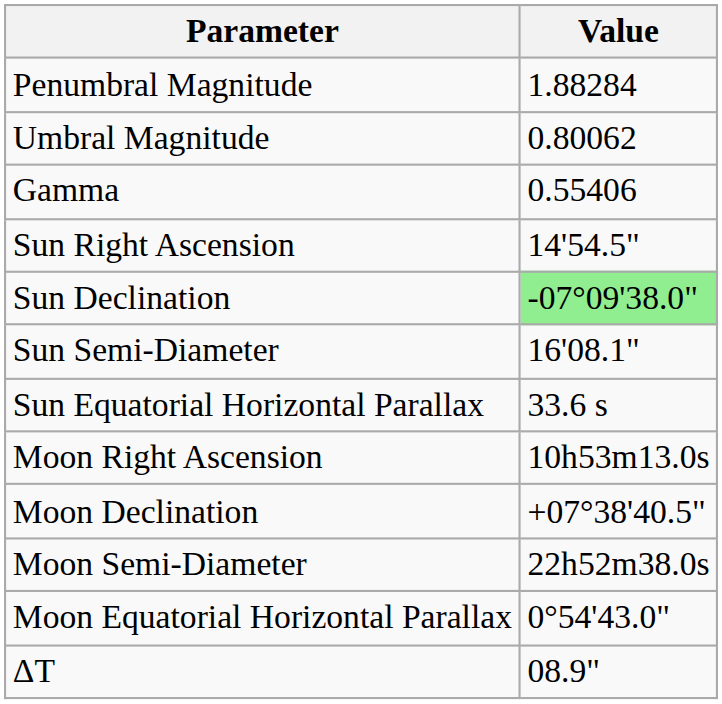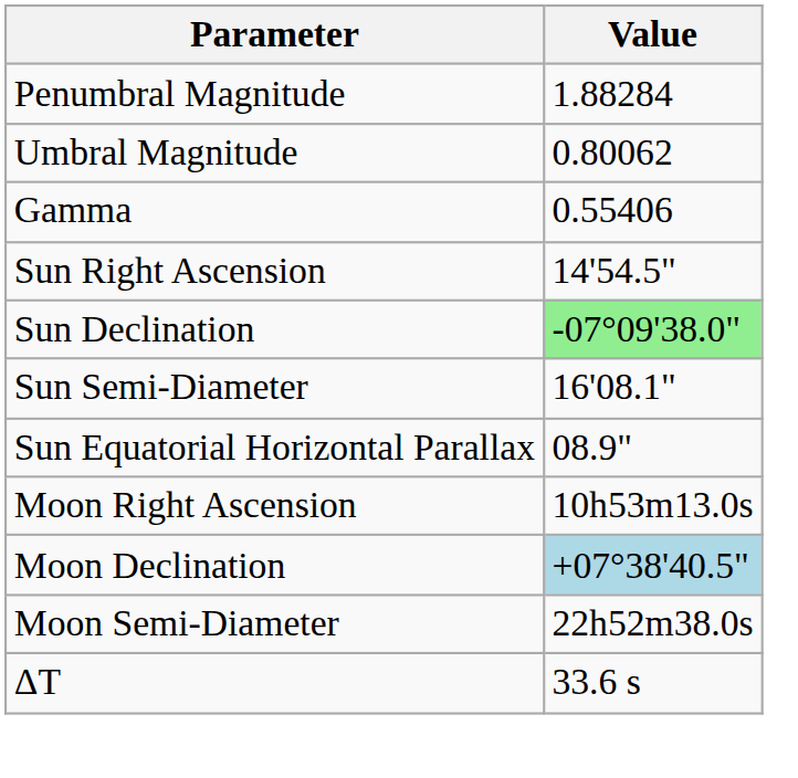 <table class="wikitable">
 <tr>
 <th>Parameter</th>
 <th>Value</th>
 </tr>
 <tr>
 <td>Penumbral Magnitude</td>
 <td>1.88284</td>
 </tr>
 <tr>
 <td>Umbral Magnitude</td>
 <td>0.80062</td>
 </tr>
 <tr>
 <td>Gamma</td>
 <td>0.55406</td>
 </tr>
 <tr>
 <td>Sun Right Ascension</td>
 <td>14'54.5"</td>
 </tr>
 <tr>
 <td>Sun Declination</td>
 <td style="background: lightgreen;">-07°09'38.0"</td>
 </tr>
 <tr>
 <td>Sun Semi-Diameter</td>
 <td>16'08.1"</td>
 </tr>
 <tr>
 <td>Sun Equatorial Horizontal Parallax</td>
-<td>33.6 s</td>
+<td>08.9"</td>
 </tr>
 <tr>
 <td>Moon Right Ascension</td>
 <td>10h53m13.0s</td>
 </tr>
 <tr>
 <td>Moon Declination</td>
-<td>+07°38'40.5"</td>
+<td style="background: lightblue;">+07°38'40.5"</td>
 </tr>
 <tr>
 <td>Moon Semi-Diameter</td>
 <td>22h52m38.0s</td>
 </tr>
 <tr>
-<td>Moon Equatorial Horizontal Parallax</td>
-<td>0°54'43.0"</td>
-</tr>
-<tr>
 <td>ΔT</td>
-<td>08.9"</td>
+<td>33.6 s</td>
 </tr>
 </table>
